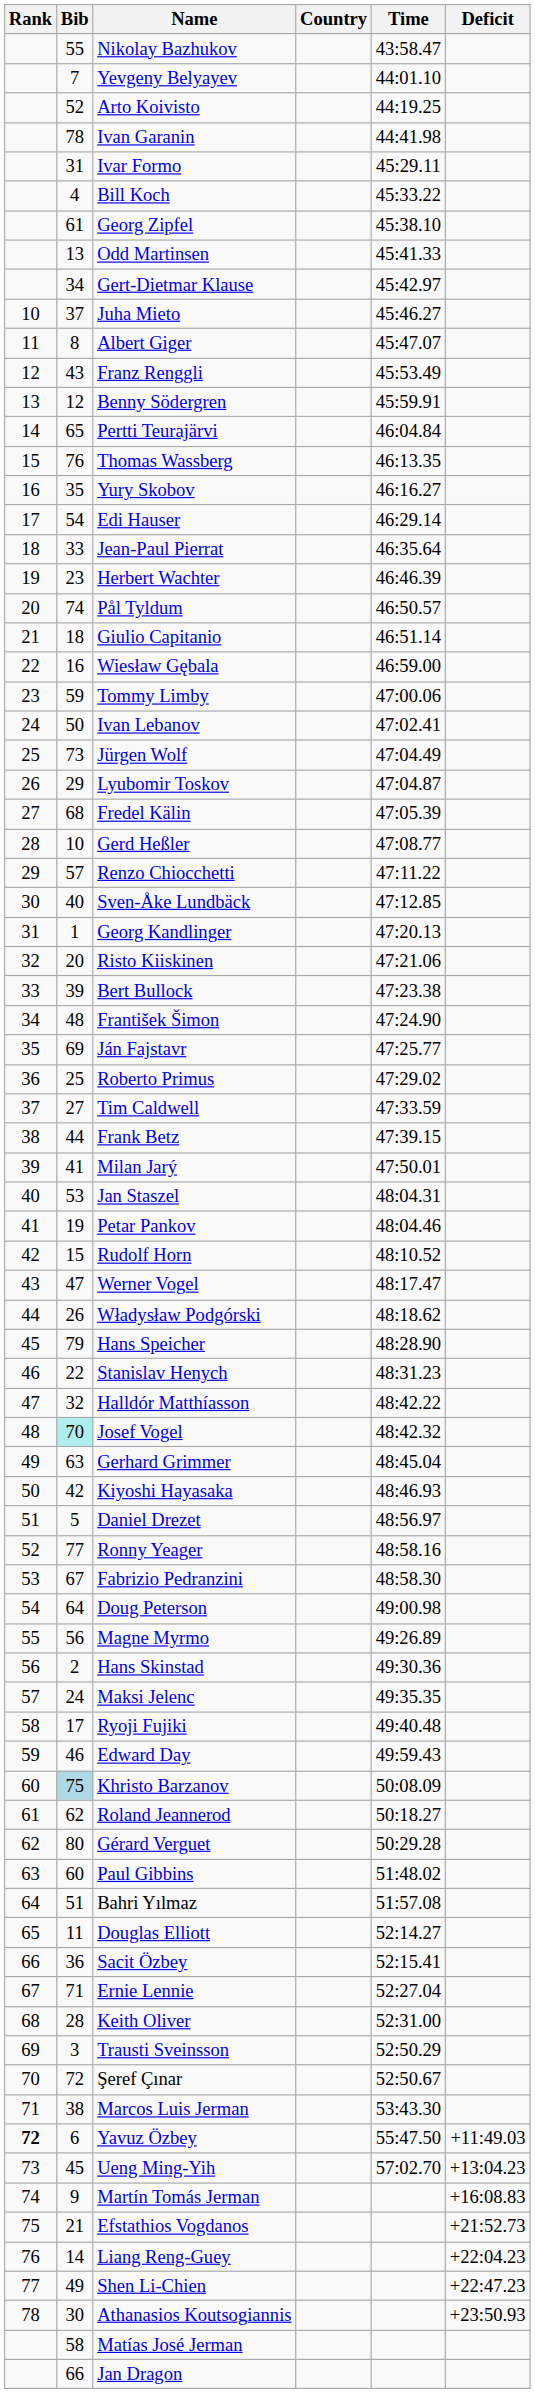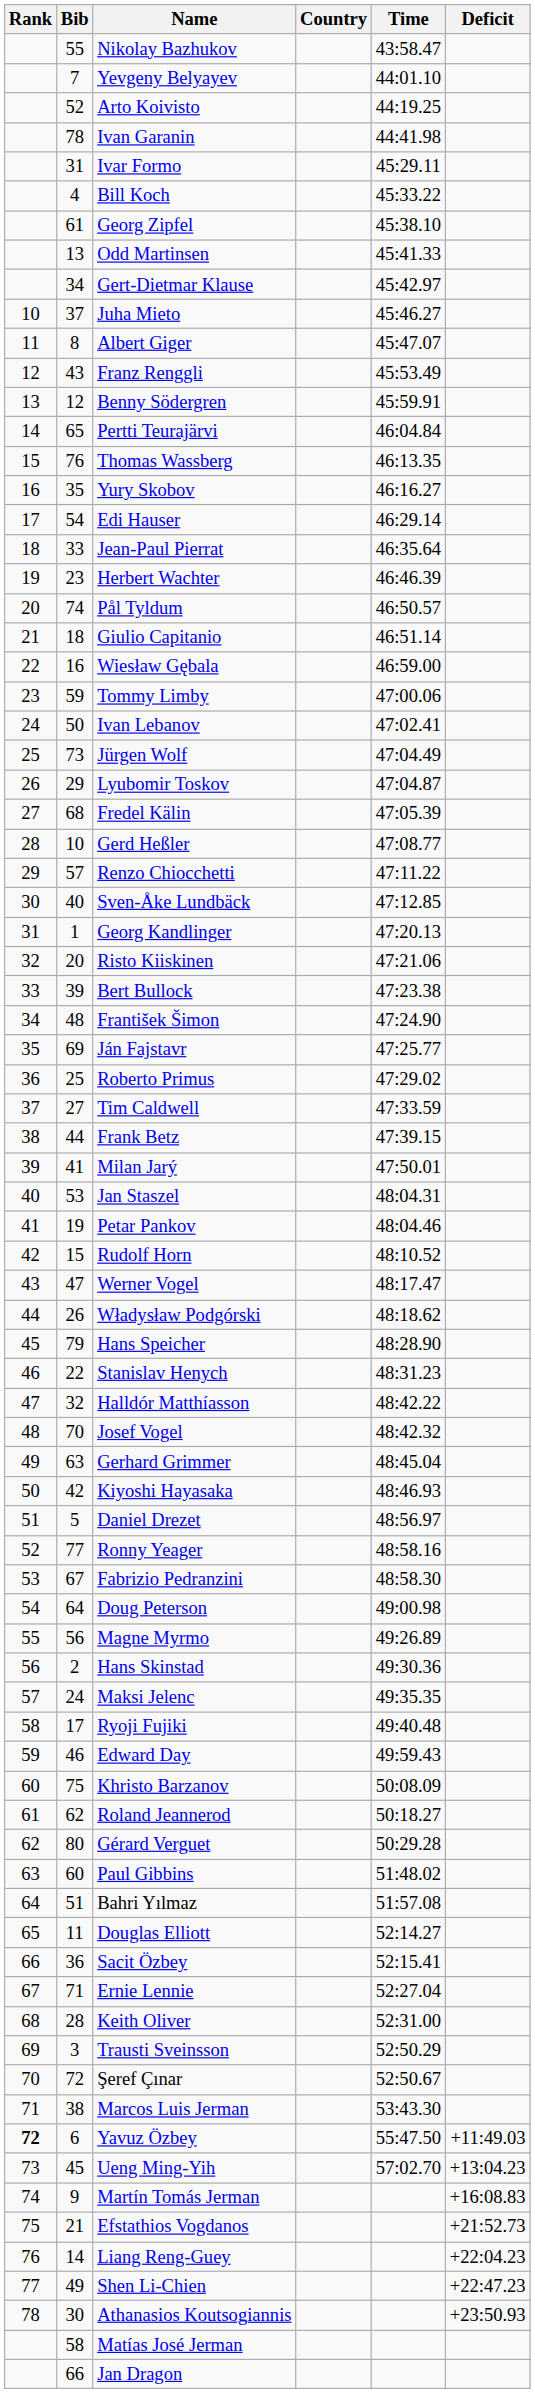 <table class="wikitable sortable" style="text-align:center">
 <tr>
 <th>Rank</th>
 <th>Bib</th>
 <th>Name</th>
 <th>Country</th>
 <th>Time</th>
 <th>Deficit</th>
 </tr>
 <tr>
 <td></td>
 <td>55</td>
 <td align="left"><a href='#'>Nikolay Bazhukov</a></td>
 <td align="left"></td>
 <td>43:58.47</td>
 <td></td>
 </tr>
 <tr>
 <td></td>
 <td>7</td>
 <td align="left"><a href='#'>Yevgeny Belyayev</a></td>
 <td align="left"></td>
 <td>44:01.10</td>
 <td align=right></td>
 </tr>
 <tr>
 <td></td>
 <td>52</td>
 <td align="left"><a href='#'>Arto Koivisto</a></td>
 <td align="left"></td>
 <td>44:19.25</td>
 <td align=right></td>
 </tr>
 <tr>
 <td></td>
 <td>78</td>
 <td align="left"><a href='#'>Ivan Garanin</a></td>
 <td align="left"></td>
 <td>44:41.98</td>
 <td align=right></td>
 </tr>
 <tr>
 <td></td>
 <td>31</td>
 <td align="left"><a href='#'>Ivar Formo</a></td>
 <td align="left"></td>
 <td>45:29.11</td>
 <td align=right></td>
 </tr>
 <tr>
 <td></td>
 <td>4</td>
 <td align="left"><a href='#'>Bill Koch</a></td>
 <td align="left"></td>
 <td>45:33.22</td>
 <td align=right></td>
 </tr>
 <tr>
 <td></td>
 <td>61</td>
 <td align="left"><a href='#'>Georg Zipfel</a></td>
 <td align="left"></td>
 <td>45:38.10</td>
 <td align=right></td>
 </tr>
 <tr>
 <td></td>
 <td>13</td>
 <td align="left"><a href='#'>Odd Martinsen</a></td>
 <td align="left"></td>
 <td>45:41.33</td>
 <td align=right></td>
 </tr>
 <tr>
 <td></td>
 <td>34</td>
 <td align="left"><a href='#'>Gert-Dietmar Klause</a></td>
 <td align="left"></td>
 <td>45:42.97</td>
 <td align=right></td>
 </tr>
 <tr>
 <td>10</td>
 <td>37</td>
 <td align="left"><a href='#'>Juha Mieto</a></td>
 <td align="left"></td>
 <td>45:46.27</td>
 <td align=right></td>
 </tr>
 <tr>
 <td>11</td>
 <td>8</td>
 <td align="left"><a href='#'>Albert Giger</a></td>
 <td align="left"></td>
 <td>45:47.07</td>
 <td align=right></td>
 </tr>
 <tr>
 <td>12</td>
 <td>43</td>
 <td align="left"><a href='#'>Franz Renggli</a></td>
 <td align="left"></td>
 <td>45:53.49</td>
 <td align=right></td>
 </tr>
 <tr>
 <td>13</td>
 <td>12</td>
 <td align="left"><a href='#'>Benny Södergren</a></td>
 <td align="left"></td>
 <td>45:59.91</td>
 <td align=right></td>
 </tr>
 <tr>
 <td>14</td>
 <td>65</td>
 <td align="left"><a href='#'>Pertti Teurajärvi</a></td>
 <td align="left"></td>
 <td>46:04.84</td>
 <td align=right></td>
 </tr>
 <tr>
 <td>15</td>
 <td>76</td>
 <td align="left"><a href='#'>Thomas Wassberg</a></td>
 <td align="left"></td>
 <td>46:13.35</td>
 <td align=right></td>
 </tr>
 <tr>
 <td>16</td>
 <td>35</td>
 <td align="left"><a href='#'>Yury Skobov</a></td>
 <td align="left"></td>
 <td>46:16.27</td>
 <td align=right></td>
 </tr>
 <tr>
 <td>17</td>
 <td>54</td>
 <td align="left"><a href='#'>Edi Hauser</a></td>
 <td align="left"></td>
 <td>46:29.14</td>
 <td align=right></td>
 </tr>
 <tr>
 <td>18</td>
 <td>33</td>
 <td align="left"><a href='#'>Jean-Paul Pierrat</a></td>
 <td align="left"></td>
 <td>46:35.64</td>
 <td align=right></td>
 </tr>
 <tr>
 <td>19</td>
 <td>23</td>
 <td align="left"><a href='#'>Herbert Wachter</a></td>
 <td align="left"></td>
 <td>46:46.39</td>
 <td align=right></td>
 </tr>
 <tr>
 <td>20</td>
 <td>74</td>
 <td align="left"><a href='#'>Pål Tyldum</a></td>
 <td align="left"></td>
 <td>46:50.57</td>
 <td align=right></td>
 </tr>
 <tr>
 <td>21</td>
 <td>18</td>
 <td align="left"><a href='#'>Giulio Capitanio</a></td>
 <td align="left"></td>
 <td>46:51.14</td>
 <td align=right></td>
 </tr>
 <tr>
 <td>22</td>
 <td>16</td>
 <td align="left"><a href='#'>Wiesław Gębala</a></td>
 <td align="left"></td>
 <td>46:59.00</td>
 <td align=right></td>
 </tr>
 <tr>
 <td>23</td>
 <td>59</td>
 <td align="left"><a href='#'>Tommy Limby</a></td>
 <td align="left"></td>
 <td>47:00.06</td>
 <td align=right></td>
 </tr>
 <tr>
 <td>24</td>
 <td>50</td>
 <td align="left"><a href='#'>Ivan Lebanov</a></td>
 <td align="left"></td>
 <td>47:02.41</td>
 <td align=right></td>
 </tr>
 <tr>
 <td>25</td>
 <td>73</td>
 <td align="left"><a href='#'>Jürgen Wolf</a></td>
 <td align="left"></td>
 <td>47:04.49</td>
 <td align=right></td>
 </tr>
 <tr>
 <td>26</td>
 <td>29</td>
 <td align="left"><a href='#'>Lyubomir Toskov</a></td>
 <td align="left"></td>
 <td>47:04.87</td>
 <td align=right></td>
 </tr>
 <tr>
 <td>27</td>
 <td>68</td>
 <td align="left"><a href='#'>Fredel Kälin</a></td>
 <td align="left"></td>
 <td>47:05.39</td>
 <td align=right></td>
 </tr>
 <tr>
 <td>28</td>
 <td>10</td>
 <td align="left"><a href='#'>Gerd Heßler</a></td>
 <td align="left"></td>
 <td>47:08.77</td>
 <td align=right></td>
 </tr>
 <tr>
 <td>29</td>
 <td>57</td>
 <td align="left"><a href='#'>Renzo Chiocchetti</a></td>
 <td align="left"></td>
 <td>47:11.22</td>
 <td align=right></td>
 </tr>
 <tr>
 <td>30</td>
 <td>40</td>
 <td align="left"><a href='#'>Sven-Åke Lundbäck</a></td>
 <td align="left"></td>
 <td>47:12.85</td>
 <td align=right></td>
 </tr>
 <tr>
 <td>31</td>
 <td>1</td>
 <td align="left"><a href='#'>Georg Kandlinger</a></td>
 <td align="left"></td>
 <td>47:20.13</td>
 <td align=right></td>
 </tr>
 <tr>
 <td>32</td>
 <td>20</td>
 <td align="left"><a href='#'>Risto Kiiskinen</a></td>
 <td align="left"></td>
 <td>47:21.06</td>
 <td align=right></td>
 </tr>
 <tr>
 <td>33</td>
 <td>39</td>
 <td align="left"><a href='#'>Bert Bullock</a></td>
 <td align="left"></td>
 <td>47:23.38</td>
 <td align=right></td>
 </tr>
 <tr>
 <td>34</td>
 <td>48</td>
 <td align="left"><a href='#'>František Šimon</a></td>
 <td align="left"></td>
 <td>47:24.90</td>
 <td align=right></td>
 </tr>
 <tr>
 <td>35</td>
 <td>69</td>
 <td align="left"><a href='#'>Ján Fajstavr</a></td>
 <td align="left"></td>
 <td>47:25.77</td>
 <td align=right></td>
 </tr>
 <tr>
 <td>36</td>
 <td>25</td>
 <td align="left"><a href='#'>Roberto Primus</a></td>
 <td align="left"></td>
 <td>47:29.02</td>
 <td align=right></td>
 </tr>
 <tr>
 <td>37</td>
 <td>27</td>
 <td align="left"><a href='#'>Tim Caldwell</a></td>
 <td align="left"></td>
 <td>47:33.59</td>
 <td align=right></td>
 </tr>
 <tr>
 <td>38</td>
 <td>44</td>
 <td align="left"><a href='#'>Frank Betz</a></td>
 <td align="left"></td>
 <td>47:39.15</td>
 <td align=right></td>
 </tr>
 <tr>
 <td>39</td>
 <td>41</td>
 <td align="left"><a href='#'>Milan Jarý</a></td>
 <td align="left"></td>
 <td>47:50.01</td>
 <td align=right></td>
 </tr>
 <tr>
 <td>40</td>
 <td>53</td>
 <td align="left"><a href='#'>Jan Staszel</a></td>
 <td align="left"></td>
 <td>48:04.31</td>
 <td align=right></td>
 </tr>
 <tr>
 <td>41</td>
 <td>19</td>
 <td align="left"><a href='#'>Petar Pankov</a></td>
 <td align="left"></td>
 <td>48:04.46</td>
 <td align=right></td>
 </tr>
 <tr>
 <td>42</td>
 <td>15</td>
 <td align="left"><a href='#'>Rudolf Horn</a></td>
 <td align="left"></td>
 <td>48:10.52</td>
 <td align=right></td>
 </tr>
 <tr>
 <td>43</td>
 <td>47</td>
 <td align="left"><a href='#'>Werner Vogel</a></td>
 <td align="left"></td>
 <td>48:17.47</td>
 <td align=right></td>
 </tr>
 <tr>
 <td>44</td>
 <td>26</td>
 <td align="left"><a href='#'>Władysław Podgórski</a></td>
 <td align="left"></td>
 <td>48:18.62</td>
 <td align=right></td>
 </tr>
 <tr>
 <td>45</td>
 <td>79</td>
 <td align="left"><a href='#'>Hans Speicher</a></td>
 <td align="left"></td>
 <td>48:28.90</td>
 <td align=right></td>
 </tr>
 <tr>
 <td>46</td>
 <td>22</td>
 <td align="left"><a href='#'>Stanislav Henych</a></td>
 <td align="left"></td>
 <td>48:31.23</td>
 <td align=right></td>
 </tr>
 <tr>
 <td>47</td>
 <td>32</td>
 <td align="left"><a href='#'>Halldór Matthíasson</a></td>
 <td align="left"></td>
 <td>48:42.22</td>
 <td align=right></td>
 </tr>
 <tr>
 <td>48</td>
-<td style="background: paleturquoise;">70</td>
+<td>70</td>
 <td align="left"><a href='#'>Josef Vogel</a></td>
 <td align="left"></td>
 <td>48:42.32</td>
 <td align=right></td>
 </tr>
 <tr>
 <td>49</td>
 <td>63</td>
 <td align="left"><a href='#'>Gerhard Grimmer</a></td>
 <td align="left"></td>
 <td>48:45.04</td>
 <td align=right></td>
 </tr>
 <tr>
 <td>50</td>
 <td>42</td>
 <td align="left"><a href='#'>Kiyoshi Hayasaka</a></td>
 <td align="left"></td>
 <td>48:46.93</td>
 <td align=right></td>
 </tr>
 <tr>
 <td>51</td>
 <td>5</td>
 <td align="left"><a href='#'>Daniel Drezet</a></td>
 <td align="left"></td>
 <td>48:56.97</td>
 <td align=right></td>
 </tr>
 <tr>
 <td>52</td>
 <td>77</td>
 <td align="left"><a href='#'>Ronny Yeager</a></td>
 <td align="left"></td>
 <td>48:58.16</td>
 <td align=right></td>
 </tr>
 <tr>
 <td>53</td>
 <td>67</td>
 <td align="left"><a href='#'>Fabrizio Pedranzini</a></td>
 <td align="left"></td>
 <td>48:58.30</td>
 <td align=right></td>
 </tr>
 <tr>
 <td>54</td>
 <td>64</td>
 <td align="left"><a href='#'>Doug Peterson</a></td>
 <td align="left"></td>
 <td>49:00.98</td>
 <td align=right></td>
 </tr>
 <tr>
 <td>55</td>
 <td>56</td>
 <td align="left"><a href='#'>Magne Myrmo</a></td>
 <td align="left"></td>
 <td>49:26.89</td>
 <td align=right></td>
 </tr>
 <tr>
 <td>56</td>
 <td>2</td>
 <td align="left"><a href='#'>Hans Skinstad</a></td>
 <td align="left"></td>
 <td>49:30.36</td>
 <td align=right></td>
 </tr>
 <tr>
 <td>57</td>
 <td>24</td>
 <td align="left"><a href='#'>Maksi Jelenc</a></td>
 <td align="left"></td>
 <td>49:35.35</td>
 <td align=right></td>
 </tr>
 <tr>
 <td>58</td>
 <td>17</td>
 <td align="left"><a href='#'>Ryoji Fujiki</a></td>
 <td align="left"></td>
 <td>49:40.48</td>
 <td align=right></td>
 </tr>
 <tr>
 <td>59</td>
 <td>46</td>
 <td align="left"><a href='#'>Edward Day</a></td>
 <td align="left"></td>
 <td>49:59.43</td>
 <td align=right></td>
 </tr>
 <tr>
 <td>60</td>
-<td style="background: lightblue;">75</td>
+<td>75</td>
 <td align="left"><a href='#'>Khristo Barzanov</a></td>
 <td align="left"></td>
 <td>50:08.09</td>
 <td align=right></td>
 </tr>
 <tr>
 <td>61</td>
 <td>62</td>
 <td align="left"><a href='#'>Roland Jeannerod</a></td>
 <td align="left"></td>
 <td>50:18.27</td>
 <td align=right></td>
 </tr>
 <tr>
 <td>62</td>
 <td>80</td>
 <td align="left"><a href='#'>Gérard Verguet</a></td>
 <td align="left"></td>
 <td>50:29.28</td>
 <td align=right></td>
 </tr>
 <tr>
 <td>63</td>
 <td>60</td>
 <td align="left"><a href='#'>Paul Gibbins</a></td>
 <td align="left"></td>
 <td>51:48.02</td>
 <td align=right></td>
 </tr>
 <tr>
 <td>64</td>
 <td>51</td>
 <td align="left">Bahri Yılmaz</td>
 <td align="left"></td>
 <td>51:57.08</td>
 <td align=right></td>
 </tr>
 <tr>
 <td>65</td>
 <td>11</td>
 <td align="left"><a href='#'>Douglas Elliott</a></td>
 <td align="left"></td>
 <td>52:14.27</td>
 <td align=right></td>
 </tr>
 <tr>
 <td>66</td>
 <td>36</td>
 <td align="left"><a href='#'>Sacit Özbey</a></td>
 <td align="left"></td>
 <td>52:15.41</td>
 <td align=right></td>
 </tr>
 <tr>
 <td>67</td>
 <td>71</td>
 <td align="left"><a href='#'>Ernie Lennie</a></td>
 <td align="left"></td>
 <td>52:27.04</td>
 <td align=right></td>
 </tr>
 <tr>
 <td>68</td>
 <td>28</td>
 <td align="left"><a href='#'>Keith Oliver</a></td>
 <td align="left"></td>
 <td>52:31.00</td>
 <td align=right></td>
 </tr>
 <tr>
 <td>69</td>
 <td>3</td>
 <td align="left"><a href='#'>Trausti Sveinsson</a></td>
 <td align="left"></td>
 <td>52:50.29</td>
 <td align=right></td>
 </tr>
 <tr>
 <td>70</td>
 <td>72</td>
 <td align="left">Şeref Çınar</td>
 <td align="left"></td>
 <td>52:50.67</td>
 <td align=right></td>
 </tr>
 <tr>
 <td>71</td>
 <td>38</td>
 <td align="left"><a href='#'>Marcos Luis Jerman</a></td>
 <td align="left"></td>
 <td>53:43.30</td>
 <td align=right></td>
 </tr>
 <tr>
 <td><strong>72</strong></td>
 <td>6</td>
 <td align="left"><a href='#'>Yavuz Özbey</a></td>
 <td align="left"></td>
 <td>55:47.50</td>
 <td align=right>+11:49.03</td>
 </tr>
 <tr>
 <td>73</td>
 <td>45</td>
 <td align="left"><a href='#'>Ueng Ming-Yih</a></td>
 <td align="left"></td>
 <td>57:02.70</td>
 <td align=right>+13:04.23</td>
 </tr>
 <tr>
 <td>74</td>
 <td>9</td>
 <td align="left"><a href='#'>Martín Tomás Jerman</a></td>
 <td align="left"></td>
 <td></td>
 <td align=right>+16:08.83</td>
 </tr>
 <tr>
 <td>75</td>
 <td>21</td>
 <td align="left"><a href='#'>Efstathios Vogdanos</a></td>
 <td align="left"></td>
 <td></td>
 <td align=right>+21:52.73</td>
 </tr>
 <tr>
 <td>76</td>
 <td>14</td>
 <td align="left"><a href='#'>Liang Reng-Guey</a></td>
 <td align="left"></td>
 <td></td>
 <td align=right>+22:04.23</td>
 </tr>
 <tr>
 <td>77</td>
 <td>49</td>
 <td align="left"><a href='#'>Shen Li-Chien</a></td>
 <td align="left"></td>
 <td></td>
 <td align=right>+22:47.23</td>
 </tr>
 <tr>
 <td>78</td>
 <td>30</td>
 <td align="left"><a href='#'>Athanasios Koutsogiannis</a></td>
 <td align="left"></td>
 <td></td>
 <td align=right>+23:50.93</td>
 </tr>
 <tr>
 <td></td>
 <td>58</td>
 <td align="left"><a href='#'>Matías José Jerman</a></td>
 <td align="left"></td>
 <td></td>
 <td></td>
 </tr>
 <tr>
 <td></td>
 <td>66</td>
 <td align="left"><a href='#'>Jan Dragon</a></td>
 <td align="left"></td>
 <td></td>
 <td></td>
 </tr>
 </table>
